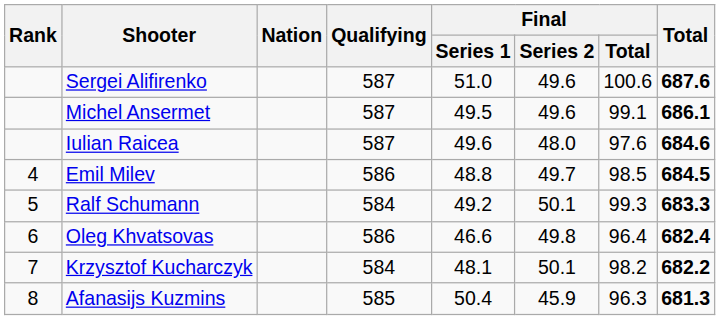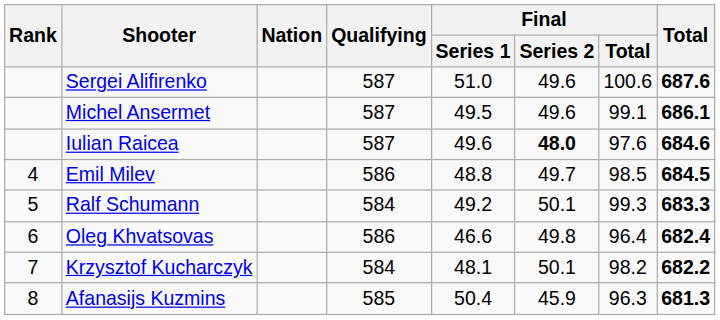 <table class="wikitable sortable" style="text-align: center">
 <tr>
 <th rowspan=2>Rank</th>
 <th rowspan=2>Shooter</th>
 <th rowspan=2>Nation</th>
 <th rowspan=2>Qualifying</th>
 <th colspan=3>Final</th>
 <th rowspan=2>Total</th>
 </tr>
 <tr>
 <th>Series 1</th>
 <th>Series 2</th>
 <th>Total</th>
 </tr>
 <tr>
 <td></td>
 <td align=left><a href='#'>Sergei Alifirenko</a></td>
 <td align=left></td>
 <td>587</td>
 <td>51.0</td>
 <td>49.6</td>
 <td>100.6</td>
 <td><strong>687.6</strong></td>
 </tr>
 <tr>
 <td></td>
 <td align=left><a href='#'>Michel Ansermet</a></td>
 <td align=left></td>
 <td>587</td>
 <td>49.5</td>
 <td>49.6</td>
 <td>99.1</td>
 <td><strong>686.1</strong></td>
 </tr>
 <tr>
 <td></td>
 <td align=left><a href='#'>Iulian Raicea</a></td>
 <td align=left></td>
 <td>587</td>
 <td>49.6</td>
-<td>48.0</td>
+<td><strong>48.0</strong></td>
 <td>97.6</td>
 <td><strong>684.6</strong></td>
 </tr>
 <tr>
 <td>4</td>
 <td align=left><a href='#'>Emil Milev</a></td>
 <td align=left></td>
 <td>586</td>
 <td>48.8</td>
 <td>49.7</td>
 <td>98.5</td>
 <td><strong>684.5</strong></td>
 </tr>
 <tr>
 <td>5</td>
 <td align=left><a href='#'>Ralf Schumann</a></td>
 <td align=left></td>
 <td>584</td>
 <td>49.2</td>
 <td>50.1</td>
 <td>99.3</td>
 <td><strong>683.3</strong></td>
 </tr>
 <tr>
 <td>6</td>
 <td align=left><a href='#'>Oleg Khvatsovas</a></td>
 <td align=left></td>
 <td>586</td>
 <td>46.6</td>
 <td>49.8</td>
 <td>96.4</td>
 <td><strong>682.4</strong></td>
 </tr>
 <tr>
 <td>7</td>
 <td align=left><a href='#'>Krzysztof Kucharczyk</a></td>
 <td align=left></td>
 <td>584</td>
 <td>48.1</td>
 <td>50.1</td>
 <td>98.2</td>
 <td><strong>682.2</strong></td>
 </tr>
 <tr>
 <td>8</td>
 <td align=left><a href='#'>Afanasijs Kuzmins</a></td>
 <td align=left></td>
 <td>585</td>
 <td>50.4</td>
 <td>45.9</td>
 <td>96.3</td>
 <td><strong>681.3</strong></td>
 </tr>
 </table>
